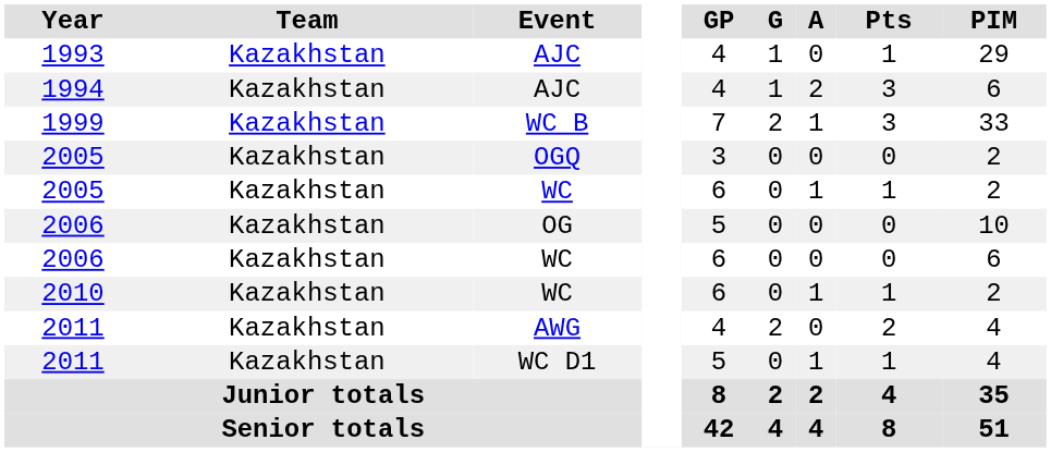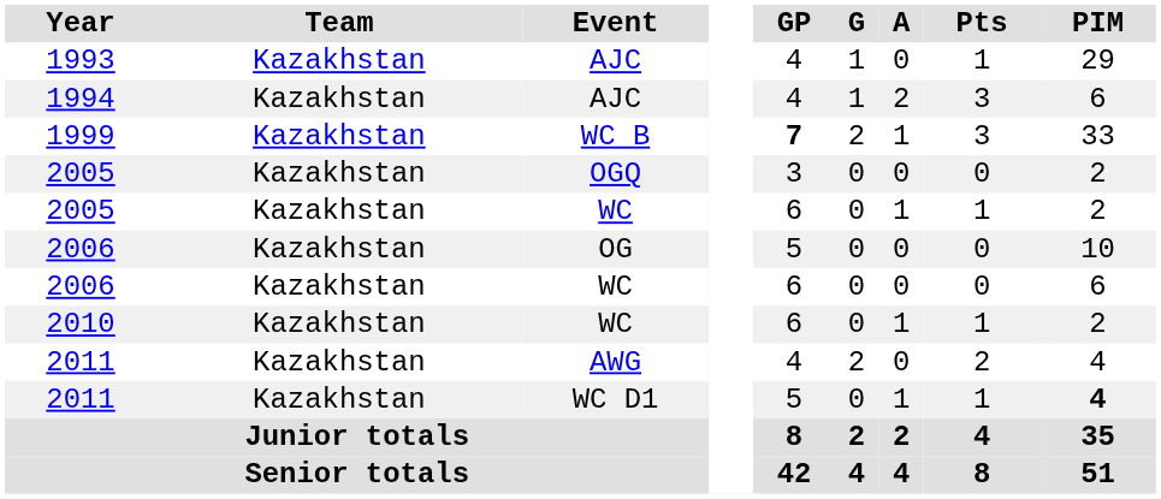 <table border="0" cellpadding="1" cellspacing="0" style="text-align:center; width:40em">
 <tr ALIGN="center" bgcolor="#e0e0e0">
 <th>Year</th>
 <th>Team</th>
 <th>Event</th>
 <th ALIGN="center" rowspan="99" bgcolor="#ffffff"> </th>
 <th>GP</th>
 <th>G</th>
 <th>A</th>
 <th>Pts</th>
 <th>PIM</th>
 </tr>
 <tr>
 <td><a href='#'>1993</a></td>
 <td><a href='#'>Kazakhstan</a></td>
 <td><a href='#'>AJC</a></td>
 <td>4</td>
 <td>1</td>
 <td>0</td>
 <td>1</td>
 <td>29</td>
 </tr>
 <tr bgcolor="#f0f0f0">
 <td><a href='#'>1994</a></td>
 <td>Kazakhstan</td>
 <td>AJC</td>
 <td>4</td>
 <td>1</td>
 <td>2</td>
 <td>3</td>
 <td>6</td>
 </tr>
 <tr>
 <td><a href='#'>1999</a></td>
 <td><a href='#'>Kazakhstan</a></td>
 <td><a href='#'>WC B</a></td>
-<td>7</td>
+<td><strong>7</strong></td>
 <td>2</td>
 <td>1</td>
 <td>3</td>
 <td>33</td>
 </tr>
 <tr bgcolor="#f0f0f0">
 <td><a href='#'>2005</a></td>
 <td>Kazakhstan</td>
 <td><a href='#'>OGQ</a></td>
 <td>3</td>
 <td>0</td>
 <td>0</td>
 <td>0</td>
 <td>2</td>
 </tr>
 <tr>
 <td><a href='#'>2005</a></td>
 <td>Kazakhstan</td>
 <td><a href='#'>WC</a></td>
 <td>6</td>
 <td>0</td>
 <td>1</td>
 <td>1</td>
 <td>2</td>
 </tr>
 <tr bgcolor="#f0f0f0">
 <td><a href='#'>2006</a></td>
 <td>Kazakhstan</td>
 <td>OG</td>
 <td>5</td>
 <td>0</td>
 <td>0</td>
 <td>0</td>
 <td>10</td>
 </tr>
 <tr>
 <td><a href='#'>2006</a></td>
 <td>Kazakhstan</td>
 <td>WC</td>
 <td>6</td>
 <td>0</td>
 <td>0</td>
 <td>0</td>
 <td>6</td>
 </tr>
 <tr bgcolor="#f0f0f0">
 <td><a href='#'>2010</a></td>
 <td>Kazakhstan</td>
 <td>WC</td>
 <td>6</td>
 <td>0</td>
 <td>1</td>
 <td>1</td>
 <td>2</td>
 </tr>
 <tr>
 <td><a href='#'>2011</a></td>
 <td>Kazakhstan</td>
 <td><a href='#'>AWG</a></td>
 <td>4</td>
 <td>2</td>
 <td>0</td>
 <td>2</td>
 <td>4</td>
 </tr>
 <tr bgcolor="#f0f0f0">
 <td><a href='#'>2011</a></td>
 <td>Kazakhstan</td>
 <td>WC D1</td>
 <td>5</td>
 <td>0</td>
 <td>1</td>
 <td>1</td>
-<td>4</td>
+<td><strong>4</strong></td>
 </tr>
 <tr bgcolor="#e0e0e0">
 <th colspan="3">Junior totals</th>
 <th>8</th>
 <th>2</th>
 <th>2</th>
 <th>4</th>
 <th>35</th>
 </tr>
 <tr bgcolor="#e0e0e0">
 <th colspan="3">Senior totals</th>
 <th>42</th>
 <th>4</th>
 <th>4</th>
 <th>8</th>
 <th>51</th>
 </tr>
 </table>
